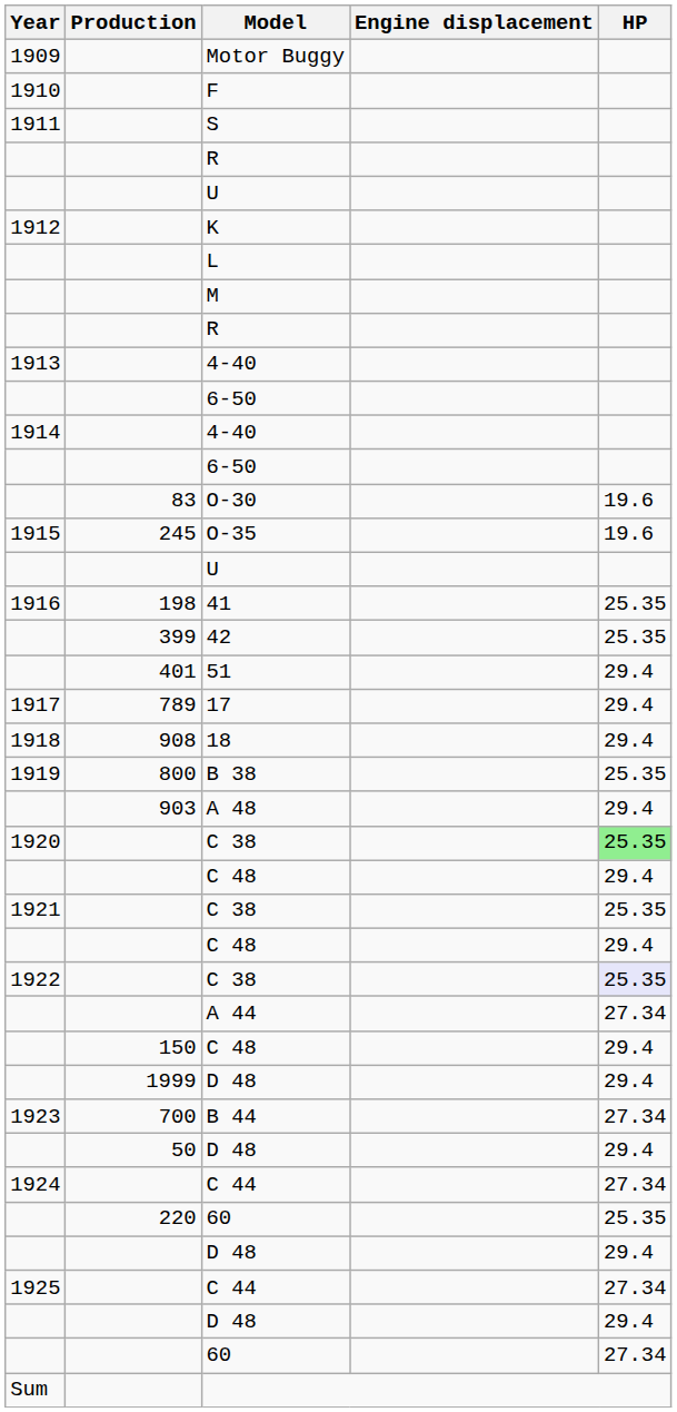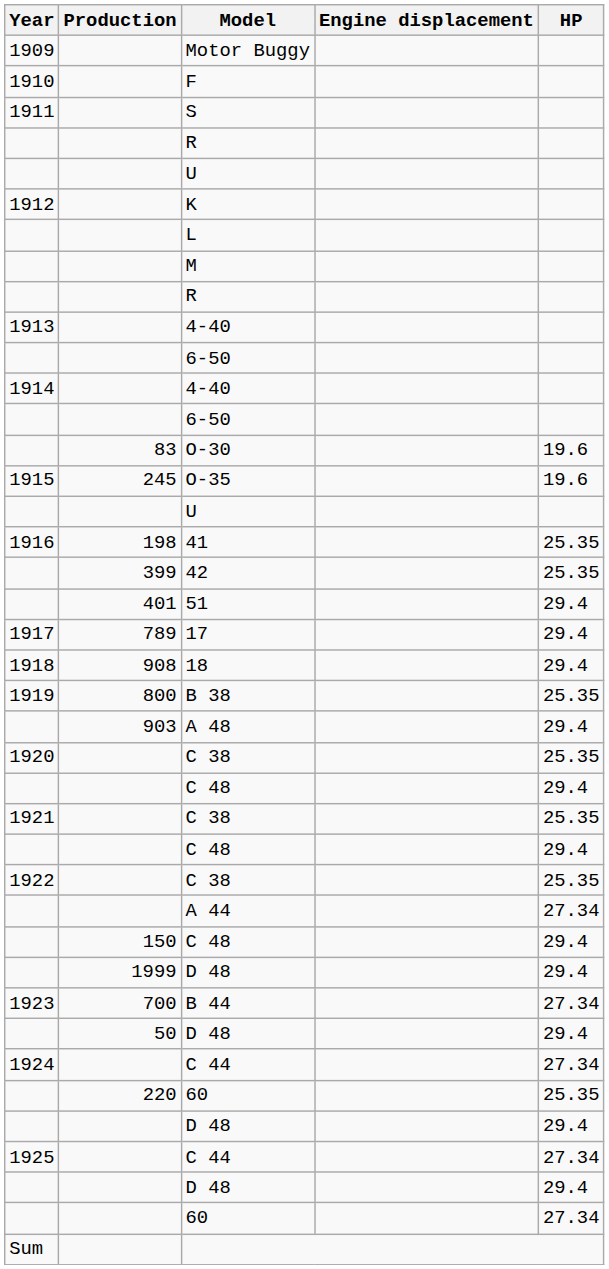 <table class="wikitable sortable">
 <tr>
 <th>Year</th>
 <th>Production</th>
 <th>Model</th>
 <th>Engine displacement</th>
 <th>HP</th>
 </tr>
 <tr>
 <td>1909</td>
 <td align="right"></td>
 <td>Motor Buggy</td>
 <td></td>
 <td></td>
 </tr>
 <tr>
 <td>1910</td>
 <td align="right"></td>
 <td>F</td>
 <td></td>
 <td></td>
 </tr>
 <tr>
 <td>1911</td>
 <td align="right"></td>
 <td>S</td>
 <td></td>
 <td></td>
 </tr>
 <tr>
 <td></td>
 <td align="right"></td>
 <td>R</td>
 <td></td>
 <td></td>
 </tr>
 <tr>
 <td></td>
 <td align="right"></td>
 <td>U</td>
 <td></td>
 <td></td>
 </tr>
 <tr>
 <td>1912</td>
 <td align="right"></td>
 <td>K</td>
 <td></td>
 <td></td>
 </tr>
 <tr>
 <td></td>
 <td align="right"></td>
 <td>L</td>
 <td></td>
 <td></td>
 </tr>
 <tr>
 <td></td>
 <td align="right"></td>
 <td>M</td>
 <td></td>
 <td></td>
 </tr>
 <tr>
 <td></td>
 <td align="right"></td>
 <td>R</td>
 <td></td>
 <td></td>
 </tr>
 <tr>
 <td>1913</td>
 <td align="right"></td>
 <td>4-40 </td>
 <td></td>
 <td></td>
 </tr>
 <tr>
 <td></td>
 <td align="right"></td>
 <td>6-50</td>
 <td></td>
 <td></td>
 </tr>
 <tr>
 <td>1914</td>
 <td align="right"></td>
 <td>4-40</td>
 <td></td>
 <td></td>
 </tr>
 <tr>
 <td></td>
 <td align="right"></td>
 <td>6-50</td>
 <td></td>
 <td></td>
 </tr>
 <tr>
 <td></td>
 <td align="right">83</td>
 <td>O-30</td>
 <td></td>
 <td>19.6</td>
 </tr>
 <tr>
 <td>1915</td>
 <td align="right">245</td>
 <td>O-35</td>
 <td></td>
 <td>19.6</td>
 </tr>
 <tr>
 <td></td>
 <td align="right"></td>
 <td>U</td>
 <td></td>
 <td></td>
 </tr>
 <tr>
 <td>1916</td>
 <td align="right">198</td>
 <td>41</td>
 <td></td>
 <td>25.35</td>
 </tr>
 <tr>
 <td></td>
 <td align="right">399</td>
 <td>42 </td>
 <td></td>
 <td>25.35</td>
 </tr>
 <tr>
 <td></td>
 <td align="right">401</td>
 <td>51</td>
 <td></td>
 <td>29.4</td>
 </tr>
 <tr>
 <td>1917</td>
 <td align="right">789</td>
 <td>17</td>
 <td></td>
 <td>29.4</td>
 </tr>
 <tr>
 <td>1918</td>
 <td align="right">908</td>
 <td>18</td>
 <td></td>
 <td>29.4</td>
 </tr>
 <tr>
 <td>1919</td>
 <td align="right">800</td>
 <td>B 38</td>
 <td></td>
 <td>25.35</td>
 </tr>
 <tr>
 <td></td>
 <td align="right">903</td>
 <td>A 48</td>
 <td></td>
 <td>29.4</td>
 </tr>
 <tr>
 <td>1920</td>
 <td align="right"></td>
 <td>C 38</td>
 <td></td>
-<td style="background: lightgreen;">25.35</td>
+<td>25.35</td>
 </tr>
 <tr>
 <td></td>
 <td align="right"></td>
 <td>C 48</td>
 <td></td>
 <td>29.4</td>
 </tr>
 <tr>
 <td>1921</td>
 <td align="right"></td>
 <td>C 38</td>
 <td></td>
 <td>25.35</td>
 </tr>
 <tr>
 <td></td>
 <td align="right"></td>
 <td>C 48</td>
 <td></td>
 <td>29.4</td>
 </tr>
 <tr>
 <td>1922</td>
 <td align="right"></td>
 <td>C 38</td>
 <td></td>
-<td style="background: lavender;">25.35</td>
+<td>25.35</td>
 </tr>
 <tr>
 <td></td>
 <td align="right"></td>
 <td>A 44</td>
 <td></td>
 <td>27.34</td>
 </tr>
 <tr>
 <td></td>
 <td align="right">150</td>
 <td>C 48</td>
 <td></td>
 <td>29.4</td>
 </tr>
 <tr>
 <td></td>
 <td align="right">1999</td>
 <td>D 48</td>
 <td></td>
 <td>29.4</td>
 </tr>
 <tr>
 <td>1923</td>
 <td align="right">700</td>
 <td>B 44</td>
 <td></td>
 <td>27.34</td>
 </tr>
 <tr>
 <td></td>
 <td align="right">50</td>
 <td>D 48</td>
 <td></td>
 <td>29.4</td>
 </tr>
 <tr>
 <td>1924</td>
 <td align="right"></td>
 <td>C 44</td>
 <td></td>
 <td>27.34</td>
 </tr>
 <tr>
 <td></td>
 <td align="right">220</td>
 <td>60</td>
 <td></td>
 <td>25.35</td>
 </tr>
 <tr>
 <td></td>
 <td align="right"></td>
 <td>D 48</td>
 <td></td>
 <td>29.4</td>
 </tr>
 <tr>
 <td>1925</td>
 <td align="right"></td>
 <td>C 44</td>
 <td></td>
 <td>27.34</td>
 </tr>
 <tr>
 <td></td>
 <td align="right"></td>
 <td>D 48</td>
 <td></td>
 <td>29.4</td>
 </tr>
 <tr>
 <td></td>
 <td align="right"></td>
 <td>60</td>
 <td></td>
 <td>27.34</td>
 </tr>
 <tr>
 <td>Sum   </td>
 <td align="right"></td>
 </tr>
 </table>
